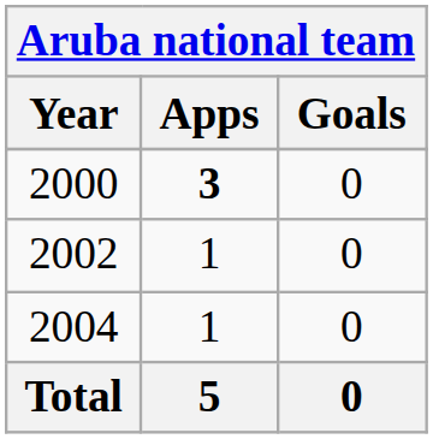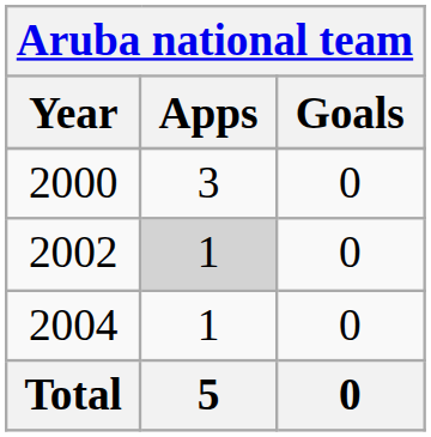 <table class="wikitable" style="text-align:center">
 <tr>
 <th colspan=3><a href='#'>Aruba national team</a></th>
 </tr>
 <tr>
 <th>Year</th>
 <th>Apps</th>
 <th>Goals</th>
 </tr>
 <tr>
 </tr>
 <tr>
 <td>2000</td>
-<td><strong>3</strong></td>
+<td>3</td>
 <td>0</td>
 </tr>
 <tr>
 <td>2002</td>
-<td>1</td>
+<td style="background: lightgrey;">1</td>
 <td>0</td>
 </tr>
 <tr>
 <td>2004</td>
 <td>1</td>
 <td>0</td>
 </tr>
 <tr>
 <th>Total</th>
 <th>5</th>
 <th>0</th>
 </tr>
 </table>
